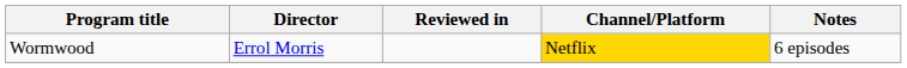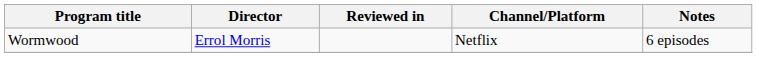 <table class='wikitable sortable' width='90%'>
 <tr>
 <th width=25%>Program title</th>
 <th>Director</th>
 <th class='unsortable'>Reviewed in</th>
 <th>Channel/Platform</th>
 <th>Notes</th>
 </tr>
 <tr>
 <td>Wormwood</td>
 <td><a href='#'>Errol Morris</a></td>
 <td></td>
-<td style="background: gold;">Netflix</td>
+<td>Netflix</td>
 <td>6 episodes</td>
 </tr>
 <tr>
 </tr>
 </table>
